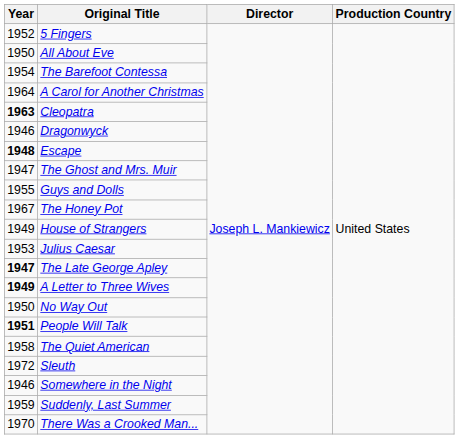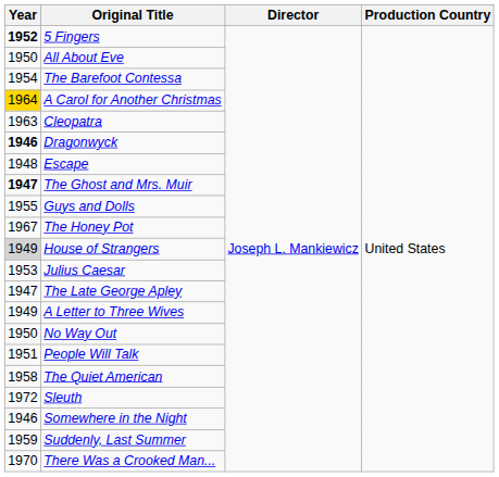 <table class="wikitable">
 <tr>
 <th>Year</th>
 <th>Original Title</th>
 <th>Director</th>
 <th>Production Country</th>
 </tr>
 <tr>
-<td>1952</td>
+<td><strong>1952</strong></td>
 <td><em><a href='#'>5 Fingers</a></em></td>
 <td rowspan="21"><a href='#'>Joseph L. Mankiewicz</a></td>
 <td rowspan="21">United States</td>
 </tr>
 <tr>
 <td>1950</td>
 <td><em><a href='#'>All About Eve</a></em></td>
 </tr>
 <tr>
 <td>1954</td>
 <td><em><a href='#'>The Barefoot Contessa</a></em></td>
 </tr>
 <tr>
-<td>1964</td>
+<td style="background: gold;">1964</td>
 <td><em><a href='#'>A Carol for Another Christmas</a></em></td>
 </tr>
 <tr>
-<td><strong>1963</strong></td>
+<td>1963</td>
 <td><a href='#'><em>Cleopatra</em></a></td>
 </tr>
 <tr>
-<td>1946</td>
+<td><strong>1946</strong></td>
 <td><a href='#'><em>Dragonwyck</em></a></td>
 </tr>
 <tr>
-<td><strong>1948</strong></td>
+<td>1948</td>
 <td><a href='#'><em>Escape</em></a></td>
 </tr>
 <tr>
-<td>1947</td>
+<td><strong>1947</strong></td>
 <td><em><a href='#'>The Ghost and Mrs. Muir</a></em></td>
 </tr>
 <tr>
 <td>1955</td>
 <td><a href='#'><em>Guys and Dolls</em></a></td>
 </tr>
 <tr>
 <td>1967</td>
 <td><em><a href='#'>The Honey Pot</a></em></td>
 </tr>
 <tr>
-<td>1949</td>
+<td style="background: lightgrey;">1949</td>
 <td><em><a href='#'>House of Strangers</a></em></td>
 </tr>
 <tr>
 <td>1953</td>
 <td><a href='#'><em>Julius Caesar</em></a></td>
 </tr>
 <tr>
-<td><strong>1947</strong></td>
+<td>1947</td>
 <td><a href='#'><em>The Late George Apley</em></a></td>
 </tr>
 <tr>
-<td><strong>1949</strong></td>
+<td>1949</td>
 <td><em><a href='#'>A Letter to Three Wives</a></em></td>
 </tr>
 <tr>
 <td>1950</td>
 <td><a href='#'><em>No Way Out</em></a></td>
 </tr>
 <tr>
-<td><strong>1951</strong></td>
+<td>1951</td>
 <td><em><a href='#'>People Will Talk</a></em></td>
 </tr>
 <tr>
 <td>1958</td>
 <td><a href='#'><em>The Quiet American</em></a></td>
 </tr>
 <tr>
 <td>1972</td>
 <td><a href='#'><em>Sleuth</em></a></td>
 </tr>
 <tr>
 <td>1946</td>
 <td><a href='#'><em>Somewhere in the Night</em></a></td>
 </tr>
 <tr>
 <td>1959</td>
 <td><a href='#'><em>Suddenly, Last Summer</em></a></td>
 </tr>
 <tr>
 <td>1970</td>
 <td><em><a href='#'>There Was a Crooked Man...</a></em></td>
 </tr>
 </table>
